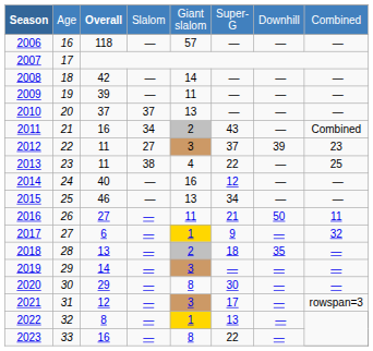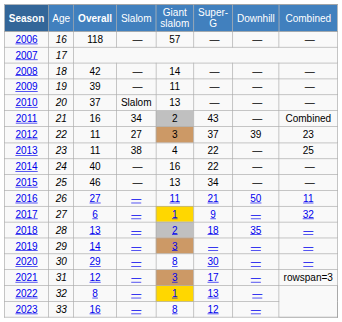 <table class="wikitable" style="font-size:95%; text-align:center; border:grey solid 1px; border-collapse:collapse;" width="40%">
 <tr style="background-color:#369; color:white;">
 <td rowspan="2" colspan="1" width="5%"><strong>Season</strong></td>
 </tr>
 <tr style="background-color:#4180be; color:white;">
 <td width="3%">Age</td>
 <td width="5%"><strong>Overall</strong></td>
 <td width="5%">Slalom</td>
 <td width="5%">Giant<br>slalom</td>
 <td width="5%">Super-G</td>
 <td width="5%">Downhill</td>
 <td width="5%">Combined</td>
 </tr>
 <tr style="background-color:#8CB2D8; color:white;">
 </tr>
 <tr>
 <td><a href='#'>2006</a></td>
 <td><em>16</em></td>
 <td>118</td>
 <td> —</td>
 <td>57</td>
 <td> —</td>
 <td> —</td>
 <td> —</td>
 </tr>
 <tr>
 <td><a href='#'>2007</a></td>
 <td><em>17</em></td>
 <td colspan=6></td>
 </tr>
 <tr>
 <td><a href='#'>2008</a></td>
 <td><em>18</em></td>
 <td>42</td>
 <td> —</td>
 <td>14</td>
 <td> —</td>
 <td> —</td>
 <td> —</td>
 </tr>
 <tr>
 <td><a href='#'>2009</a></td>
 <td><em>19</em></td>
 <td>39</td>
 <td> —</td>
 <td>11</td>
 <td> —</td>
 <td> —</td>
 <td> —</td>
 </tr>
 <tr>
 <td><a href='#'>2010</a></td>
 <td><em>20</em></td>
 <td>37</td>
-<td>37</td>
+<td width="5%">Slalom</td>
 <td>13</td>
 <td> —</td>
 <td> —</td>
 <td> —</td>
 </tr>
 <tr>
 <td><a href='#'>2011</a></td>
 <td><em>21</em></td>
 <td>16</td>
 <td>34</td>
 <td bgcolor="silver">2</td>
 <td>43</td>
 <td> —</td>
 <td width="5%">Combined</td>
 </tr>
 <tr>
 <td><a href='#'>2012</a></td>
 <td><em>22</em></td>
 <td>11</td>
 <td>27</td>
 <td bgcolor="cc9966">3</td>
 <td>37</td>
 <td>39</td>
 <td>23</td>
 </tr>
 <tr>
 <td><a href='#'>2013</a></td>
 <td><em>23</em></td>
 <td>11</td>
 <td>38</td>
 <td>4</td>
 <td>22</td>
 <td> —</td>
 <td>25</td>
 </tr>
 <tr>
 <td><a href='#'>2014</a></td>
 <td><em>24</em></td>
 <td>40</td>
 <td> —</td>
 <td>16</td>
-<td><a href='#'>12</a></td>
+<td>22</td>
 <td> —</td>
 <td> —</td>
 </tr>
 <tr>
 <td><a href='#'>2015</a></td>
 <td><em>25</em></td>
 <td>46</td>
 <td> —</td>
 <td>13</td>
 <td>34</td>
 <td> —</td>
 <td> —</td>
 </tr>
 <tr>
 <td><a href='#'>2016</a></td>
 <td><em>26</em></td>
 <td><a href='#'>27</a></td>
 <td><a href='#'>—</a></td>
 <td><a href='#'>11</a></td>
 <td><a href='#'>21</a></td>
 <td><a href='#'>50</a></td>
 <td><a href='#'>11</a></td>
 </tr>
 <tr>
 <td><a href='#'>2017</a></td>
 <td><em>27</em></td>
 <td><a href='#'>6</a></td>
 <td><a href='#'>—</a></td>
 <td bgcolor="gold"><a href='#'>1</a></td>
 <td><a href='#'>9</a></td>
 <td><a href='#'>—</a></td>
 <td><a href='#'>32</a></td>
 </tr>
 <tr>
 <td><a href='#'>2018</a></td>
 <td><em>28</em></td>
 <td><a href='#'>13</a></td>
 <td><a href='#'>—</a></td>
 <td bgcolor="silver"><a href='#'>2</a></td>
 <td><a href='#'>18</a></td>
 <td><a href='#'>35</a></td>
 <td><a href='#'>—</a></td>
 </tr>
 <tr>
 <td><a href='#'>2019</a></td>
 <td><em>29</em></td>
 <td><a href='#'>14</a></td>
 <td><a href='#'>—</a></td>
 <td bgcolor="cc9966"><a href='#'>3</a></td>
 <td><a href='#'>—</a></td>
 <td><a href='#'>—</a></td>
 <td><a href='#'>—</a></td>
 </tr>
 <tr>
 <td><a href='#'>2020</a></td>
 <td><em>30</em></td>
 <td><a href='#'>29</a></td>
 <td><a href='#'>—</a></td>
 <td><a href='#'>8</a></td>
 <td><a href='#'>30</a></td>
 <td><a href='#'>—</a></td>
 <td><a href='#'>—</a></td>
 </tr>
 <tr>
 <td><a href='#'>2021</a></td>
 <td><em>31</em></td>
 <td><a href='#'>12</a></td>
 <td><a href='#'>—</a></td>
 <td bgcolor="cc9966"><a href='#'>3</a></td>
 <td><a href='#'>17</a></td>
 <td><a href='#'>—</a></td>
 <td>rowspan=3 </td>
 </tr>
 <tr>
 <td><a href='#'>2022</a></td>
 <td><em>32</em></td>
 <td><a href='#'>8</a></td>
 <td><a href='#'>—</a></td>
 <td bgcolor="gold"><a href='#'>1</a></td>
 <td><a href='#'>13</a></td>
 <td> <a href='#'>—</a></td>
 </tr>
 <tr>
 <td><a href='#'>2023</a></td>
 <td><em>33</em></td>
 <td><a href='#'>16</a></td>
 <td><a href='#'>—</a></td>
 <td><a href='#'>8</a></td>
-<td>22</td>
+<td><a href='#'>12</a></td>
 <td><a href='#'>—</a></td>
 </tr>
 </table>
